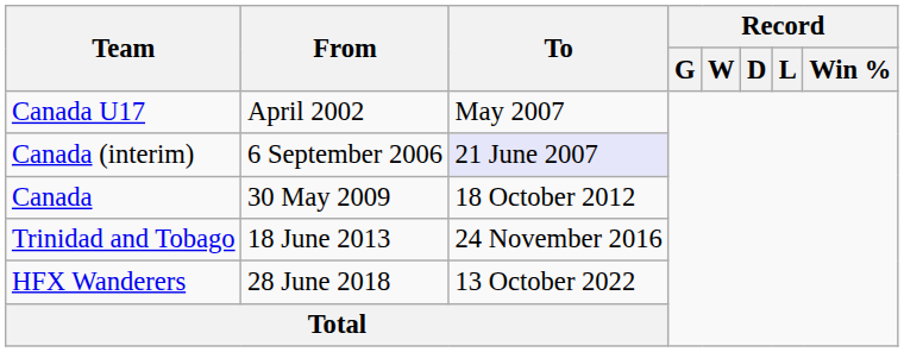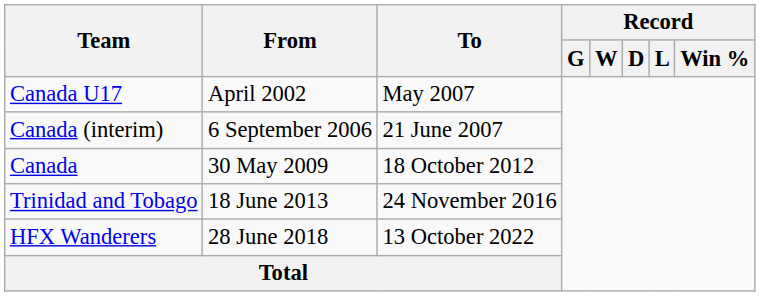 <table class="wikitable" style="text-align: center">
 <tr>
 <th rowspan="2">Team</th>
 <th rowspan="2">From</th>
 <th rowspan="2">To</th>
 <th colspan="5">Record</th>
 </tr>
 <tr>
 <th>G</th>
 <th>W</th>
 <th>D</th>
 <th>L</th>
 <th>Win %</th>
 </tr>
 <tr>
 <td align="left"><a href='#'>Canada U17</a></td>
 <td align="left">April 2002</td>
 <td align="left">May 2007<br></td>
 </tr>
 <tr>
 <td align="left"><a href='#'>Canada</a> (interim)</td>
 <td align="left">6 September 2006</td>
-<td align="left" style="background: lavender;">21 June 2007<br></td>
+<td align="left">21 June 2007<br></td>
 </tr>
 <tr>
 <td align="left"><a href='#'>Canada</a></td>
 <td align="left">30 May 2009</td>
 <td align="left">18 October 2012<br></td>
 </tr>
 <tr>
 <td align="left"><a href='#'>Trinidad and Tobago</a></td>
 <td align="left">18 June 2013</td>
 <td align="left">24 November 2016<br></td>
 </tr>
 <tr>
 <td align="left"><a href='#'>HFX Wanderers</a></td>
 <td align="left">28 June 2018</td>
 <td align="left">13 October 2022<br></td>
 </tr>
 <tr>
 <th colspan="3">Total<br></th>
 </tr>
 </table>
